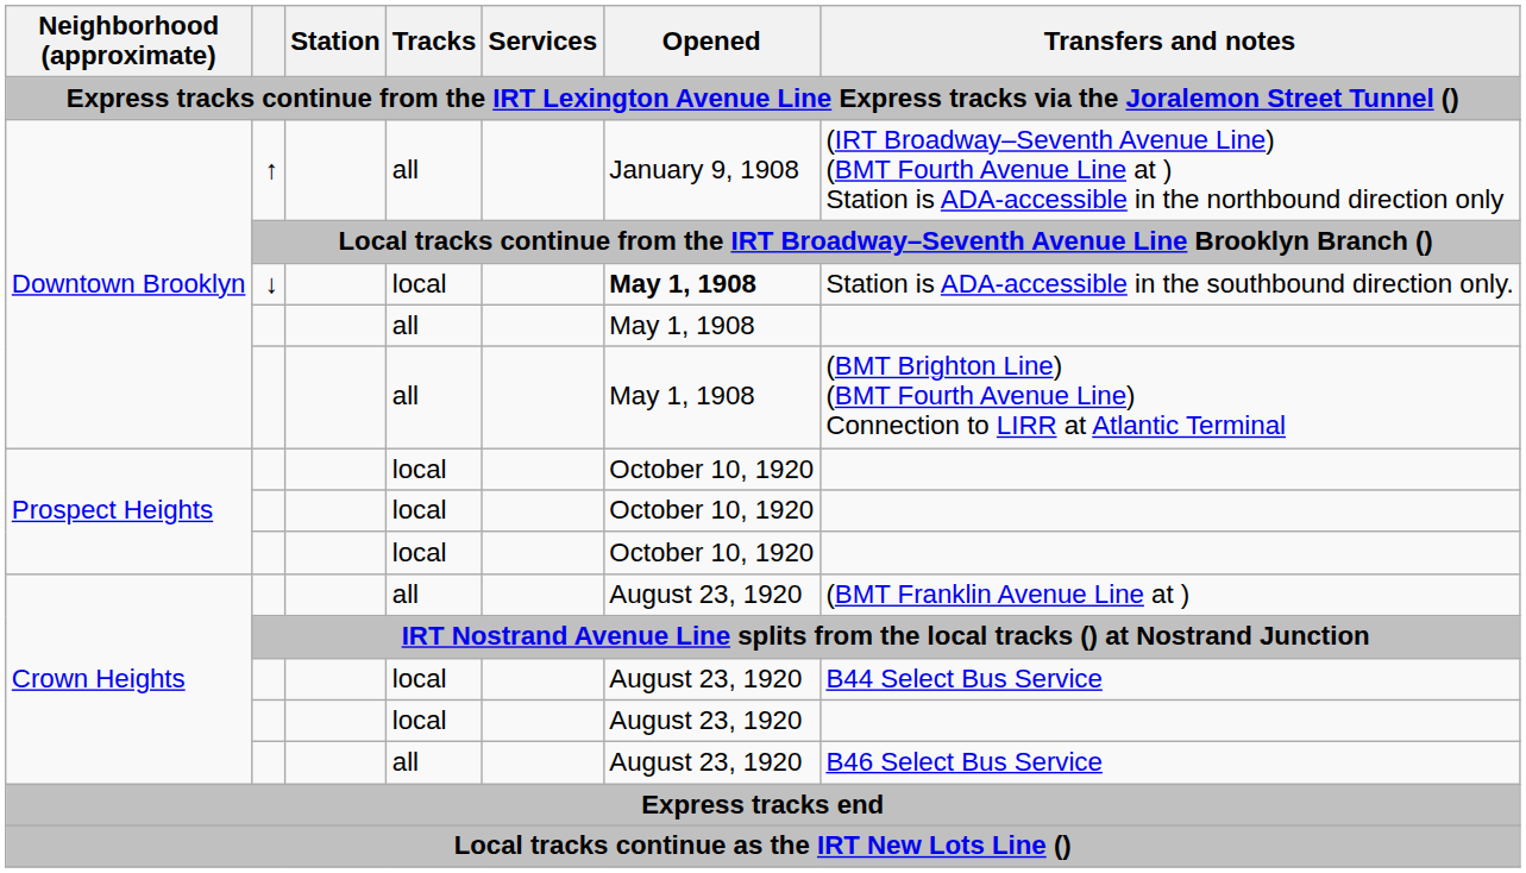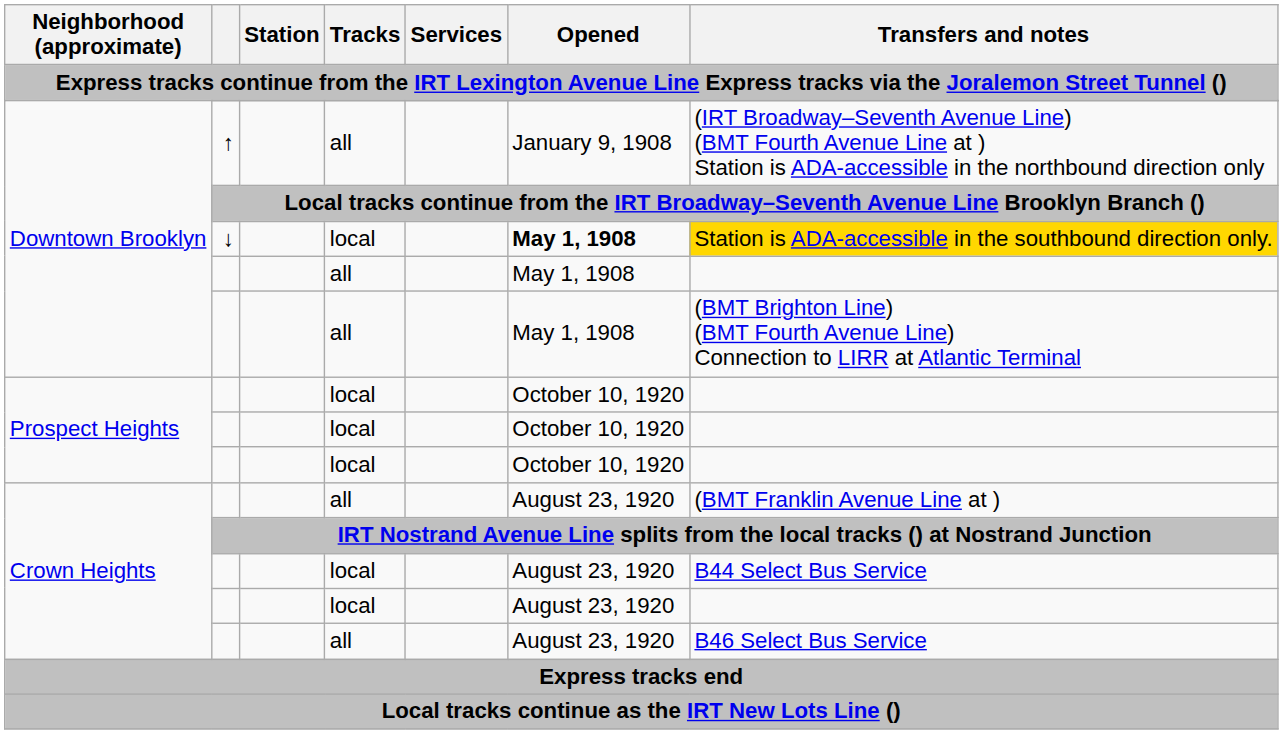 <table class="wikitable">
 <tr>
 <th>Neighborhood<br>(approximate)</th>
 <th></th>
 <th>Station</th>
 <th>Tracks</th>
 <th>Services</th>
 <th>Opened</th>
 <th>Transfers and notes</th>
 </tr>
 <tr>
 <th colspan=8 style="background-color: silver;">Express tracks continue from the <a href='#'>IRT Lexington Avenue Line</a> Express tracks via the <a href='#'>Joralemon Street Tunnel</a> ()</th>
 </tr>
 <tr>
 <td rowspan=6><a href='#'>Downtown Brooklyn</a></td>
 </tr>
 <tr>
 <td> ↑</td>
 <td></td>
 <td>all</td>
 <td></td>
 <td>January 9, 1908</td>
 <td> (<a href='#'>IRT Broadway–Seventh Avenue Line</a>)<br> (<a href='#'>BMT Fourth Avenue Line</a> at )<br>Station is <a href='#'>ADA-accessible</a> in the northbound direction only</td>
 </tr>
 <tr>
 <th colspan=6 style="background-color: silver;">Local tracks continue from the <a href='#'>IRT Broadway–Seventh Avenue Line</a> Brooklyn Branch ()</th>
 </tr>
 <tr>
 <td> ↓</td>
 <td></td>
 <td>local</td>
 <td></td>
 <td><strong>May 1, 1908</strong></td>
-<td>Station is <a href='#'>ADA-accessible</a> in the southbound direction only.</td>
+<td style="background: gold;">Station is <a href='#'>ADA-accessible</a> in the southbound direction only.</td>
 </tr>
 <tr>
 <td></td>
 <td></td>
 <td>all</td>
 <td></td>
 <td>May 1, 1908</td>
 <td></td>
 </tr>
 <tr>
 <td></td>
 <td></td>
 <td>all</td>
 <td></td>
 <td>May 1, 1908</td>
 <td> (<a href='#'>BMT Brighton Line</a>)<br> (<a href='#'>BMT Fourth Avenue Line</a>)<br>Connection to <a href='#'>LIRR</a> at <a href='#'>Atlantic Terminal</a></td>
 </tr>
 <tr>
 <td rowspan=3><a href='#'>Prospect Heights</a></td>
 <td></td>
 <td></td>
 <td>local</td>
 <td></td>
 <td>October 10, 1920</td>
 <td></td>
 </tr>
 <tr>
 <td></td>
 <td></td>
 <td>local</td>
 <td></td>
 <td>October 10, 1920</td>
 <td></td>
 </tr>
 <tr>
 <td></td>
 <td></td>
 <td>local</td>
 <td></td>
 <td>October 10, 1920</td>
 <td></td>
 </tr>
 <tr>
 <td rowspan=5><a href='#'>Crown Heights</a></td>
 <td></td>
 <td></td>
 <td>all</td>
 <td></td>
 <td>August 23, 1920</td>
 <td> (<a href='#'>BMT Franklin Avenue Line</a> at )</td>
 </tr>
 <tr>
 <th colspan=6 style="background-color: silver;"><a href='#'>IRT Nostrand Avenue Line</a> splits from the local tracks () at Nostrand Junction</th>
 </tr>
 <tr>
 <td></td>
 <td></td>
 <td>local</td>
 <td></td>
 <td>August 23, 1920</td>
 <td><a href='#'>B44 Select Bus Service</a></td>
 </tr>
 <tr>
 <td></td>
 <td></td>
 <td>local</td>
 <td></td>
 <td>August 23, 1920</td>
 <td></td>
 </tr>
 <tr>
 <td></td>
 <td></td>
 <td>all</td>
 <td></td>
 <td nowrap>August 23, 1920</td>
 <td><a href='#'>B46 Select Bus Service</a></td>
 </tr>
 <tr>
 <th colspan=7 style="background-color: silver;">Express tracks end</th>
 </tr>
 <tr>
 <th colspan=7 style="background-color: silver;">Local tracks continue as the <a href='#'>IRT New Lots Line</a> ()</th>
 </tr>
 </table>
